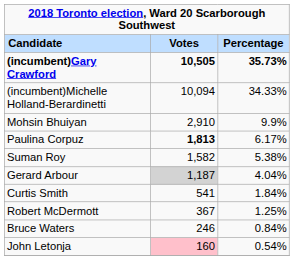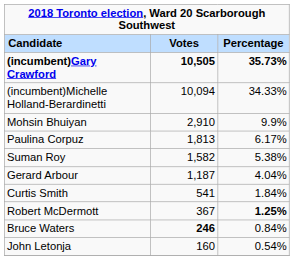 <table class="sortable wikitable">
 <tr>
 <td Colspan="3" align="center"><strong><a href='#'>2018 Toronto election</a>, Ward 20 Scarborough Southwest</strong></td>
 </tr>
 <tr>
 <th scope="col" style="background-color:#bfdeff;width:200px;text-align:left;padding-left:5px;">Candidate</th>
 <th scope="col" style="background-color:#bfdeff;width:88px;">Votes</th>
 <th scope="col" style="background-color:#bfdeff;width:95px;">Percentage</th>
 </tr>
 <tr>
 <td valign="top"><strong>(incumbent)<a href='#'>Gary Crawford</a></strong></td>
 <td valign="top" align="right"><strong>10,505</strong></td>
 <td valign="top" align="right"><strong>35.73%</strong></td>
 </tr>
 <tr>
 <td valign="top">(incumbent)Michelle Holland-Berardinetti</td>
 <td valign="top" align="right">10,094</td>
 <td valign="top" align="right">34.33%</td>
 </tr>
 <tr>
 <td valign="top">Mohsin Bhuiyan</td>
 <td valign="top" align="right">2,910</td>
 <td valign="top" align="right">9.9%</td>
 </tr>
 <tr>
 <td valign="top">Paulina Corpuz</td>
-<td valign="top" align="right"><strong>1,813</strong></td>
+<td valign="top" align="right">1,813</td>
 <td valign="top" align="right">6.17%</td>
 </tr>
 <tr>
 <td valign="top">Suman Roy</td>
 <td valign="top" align="right">1,582</td>
 <td valign="top" align="right">5.38%</td>
 </tr>
 <tr>
 <td valign="top">Gerard Arbour</td>
-<td valign="top" align="right" style="background: lightgrey;">1,187</td>
+<td valign="top" align="right">1,187</td>
 <td valign="top" align="right">4.04%</td>
 </tr>
 <tr>
 <td valign="top">Curtis Smith</td>
 <td valign="top" align="right">541</td>
 <td valign="top" align="right">1.84%</td>
 </tr>
 <tr>
 <td valign="top">Robert McDermott</td>
 <td valign="top" align="right">367</td>
-<td valign="top" align="right">1.25%</td>
+<td valign="top" align="right"><strong>1.25%</strong></td>
 </tr>
 <tr>
 <td valign="top">Bruce Waters</td>
-<td valign="top" align="right">246</td>
+<td valign="top" align="right"><strong>246</strong></td>
 <td valign="top" align="right">0.84%</td>
 </tr>
 <tr>
 <td valign="top">John Letonja</td>
-<td valign="top" align="right" style="background: pink;">160</td>
+<td valign="top" align="right">160</td>
 <td valign="top" align="right">0.54%</td>
 </tr>
 <tr>
 </tr>
 </table>
